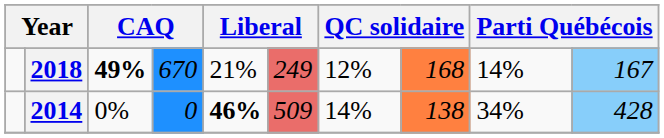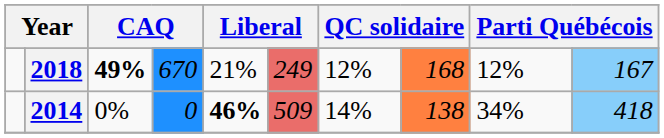 <table class="wikitable" style="width:400; font-size:90%; margin-left:1em;">
 <tr>
 <th colspan="2" scope="col">Year</th>
 <th colspan="2" scope="col"><a href='#'>CAQ</a></th>
 <th colspan="2" scope="col"><a href='#'>Liberal</a></th>
 <th colspan="2" scope="col"><a href='#'>QC solidaire</a></th>
 <th colspan="2" scope="col"><a href='#'>Parti Québécois</a></th>
 </tr>
 <tr>
 <td style="width: 0.25em; background-color: "></td>
 <th><a href='#'>2018</a></th>
 <td><strong>49%</strong></td>
 <td style="text-align:right; background:#1E90FF;"><em>670</em></td>
 <td>21%</td>
 <td style="text-align:right; background:#EA6D6A;"><em>249</em></td>
 <td>12%</td>
 <td style="text-align:right; background:#FF8040;"><em>168</em></td>
-<td>14%</td>
+<td>12%</td>
 <td style="text-align:right; background:#87CEFA;"><em>167</em></td>
 </tr>
 <tr>
 <td style="width: 0.25em; background-color: "></td>
 <th><a href='#'>2014</a></th>
 <td>0%</td>
 <td style="text-align:right; background:#1E90FF;"><em>0</em></td>
 <td><strong>46%</strong></td>
 <td style="text-align:right; background:#EA6D6A;"><em>509</em></td>
 <td>14%</td>
 <td style="text-align:right; background:#FF8040;"><em>138</em></td>
 <td>34%</td>
-<td style="text-align:right; background:#87CEFA;"><em>428</em></td>
+<td style="text-align:right; background:#87CEFA;"><em>418</em></td>
 </tr>
 <tr>
 </tr>
 </table>
